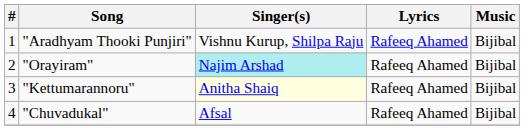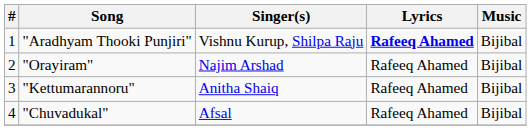 <table class="wikitable">
 <tr>
 <th>#</th>
 <th>Song</th>
 <th>Singer(s)</th>
 <th>Lyrics</th>
 <th>Music</th>
 </tr>
 <tr>
 <td>1</td>
 <td>"Aradhyam Thooki Punjiri"</td>
 <td>Vishnu Kurup, <a href='#'>Shilpa Raju</a></td>
-<td><a href='#'>Rafeeq Ahamed</a></td>
+<td><strong><a href='#'>Rafeeq Ahamed</a></strong></td>
 <td>Bijibal</td>
 </tr>
 <tr>
 <td>2</td>
 <td>"Orayiram"</td>
-<td style="background: paleturquoise;"><a href='#'>Najim Arshad</a></td>
+<td><a href='#'>Najim Arshad</a></td>
 <td>Rafeeq Ahamed</td>
 <td>Bijibal</td>
 </tr>
 <tr>
 <td>3</td>
 <td>"Kettumarannoru"</td>
-<td style="background: lightyellow;"><a href='#'>Anitha Shaiq</a></td>
+<td><a href='#'>Anitha Shaiq</a></td>
 <td>Rafeeq Ahamed</td>
 <td>Bijibal</td>
 </tr>
 <tr>
 <td>4</td>
 <td>"Chuvadukal"</td>
 <td><a href='#'>Afsal</a></td>
 <td>Rafeeq Ahamed</td>
 <td>Bijibal</td>
 </tr>
 <tr>
 </tr>
 </table>
